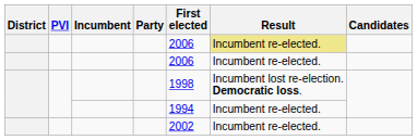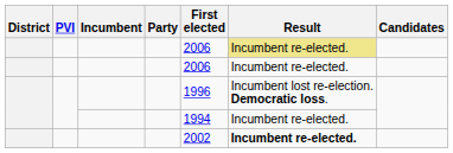 <table class="wikitable sortable">
 <tr valign=bottom>
 <th>District</th>
 <th><a href='#'>PVI</a></th>
 <th>Incumbent</th>
 <th>Party</th>
 <th>First<br>elected</th>
 <th>Result</th>
 <th>Candidates</th>
 </tr>
 <tr>
 <th></th>
 <td></td>
 <td></td>
 <td></td>
 <td><a href='#'>2006</a></td>
 <td style="background: khaki;">Incumbent re-elected.</td>
 <td nowrap></td>
 </tr>
 <tr>
 <th></th>
 <td></td>
 <td></td>
 <td></td>
 <td><a href='#'>2006</a></td>
 <td>Incumbent re-elected.</td>
 <td nowrap></td>
 </tr>
 <tr>
 <th rowspan=2></th>
 <td rowspan=2 ></td>
 <td></td>
 <td></td>
-<td><a href='#'>1998</a></td>
+<td><a href='#'>1996</a></td>
 <td>Incumbent lost re-election.<br><strong>Democratic loss</strong>.</td>
 <td rowspan=2 nowrap></td>
 </tr>
 <tr>
 <td><br></td>
 <td></td>
 <td><a href='#'>1994</a></td>
 <td>Incumbent re-elected.</td>
 </tr>
 <tr>
 <th></th>
 <td></td>
 <td><br></td>
 <td></td>
 <td><a href='#'>2002</a></td>
-<td>Incumbent re-elected.</td>
+<td><strong>Incumbent re-elected.</strong></td>
 <td nowrap></td>
 </tr>
 </table>
